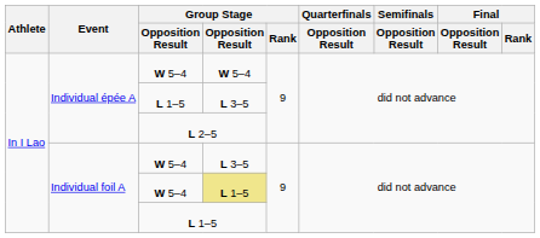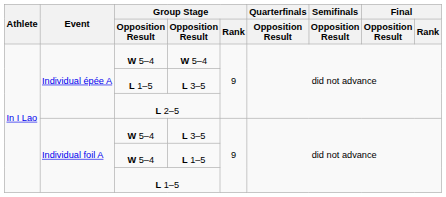 <table class=wikitable style="font-size:90%">
 <tr>
 <th rowspan="2">Athlete</th>
 <th rowspan="2">Event</th>
 <th colspan="3">Group Stage</th>
 <th scope="col">Quarterfinals</th>
 <th scope="col">Semifinals</th>
 <th colspan="2">Final</th>
 </tr>
 <tr>
 <th>Opposition<br>Result</th>
 <th>Opposition<br>Result</th>
 <th>Rank</th>
 <th>Opposition<br>Result</th>
 <th>Opposition<br>Result</th>
 <th>Opposition<br>Result</th>
 <th>Rank</th>
 </tr>
 <tr align=center>
 <td align=left rowspan=6><a href='#'>In I Lao</a></td>
 <td align=left rowspan=3><a href='#'>Individual épée A</a></td>
 <td> <br> <strong>W</strong> 5–4</td>
 <td> <br> <strong>W</strong> 5–4</td>
 <td rowspan=3>9</td>
 <td colspan=4 rowspan=3>did not advance</td>
 </tr>
 <tr align=center>
 <td> <br> <strong>L</strong> 1–5</td>
 <td> <br> <strong>L</strong> 3–5</td>
 </tr>
 <tr align=center>
 <td colspan=2> <br> <strong>L</strong> 2–5</td>
 </tr>
 <tr align=center>
 <td align=left rowspan=3><a href='#'>Individual foil A</a></td>
 <td> <br> <strong>W</strong> 5–4</td>
 <td> <br> <strong>L</strong> 3–5</td>
 <td rowspan=3>9</td>
 <td colspan=4 rowspan=3>did not advance</td>
 </tr>
 <tr align=center>
 <td> <br> <strong>W</strong> 5–4</td>
-<td style="background: khaki;"> <br> <strong>L</strong> 1–5</td>
+<td> <br> <strong>L</strong> 1–5</td>
 </tr>
 <tr align=center>
 <td colspan=2> <br> <strong>L</strong> 1–5</td>
 </tr>
 </table>
